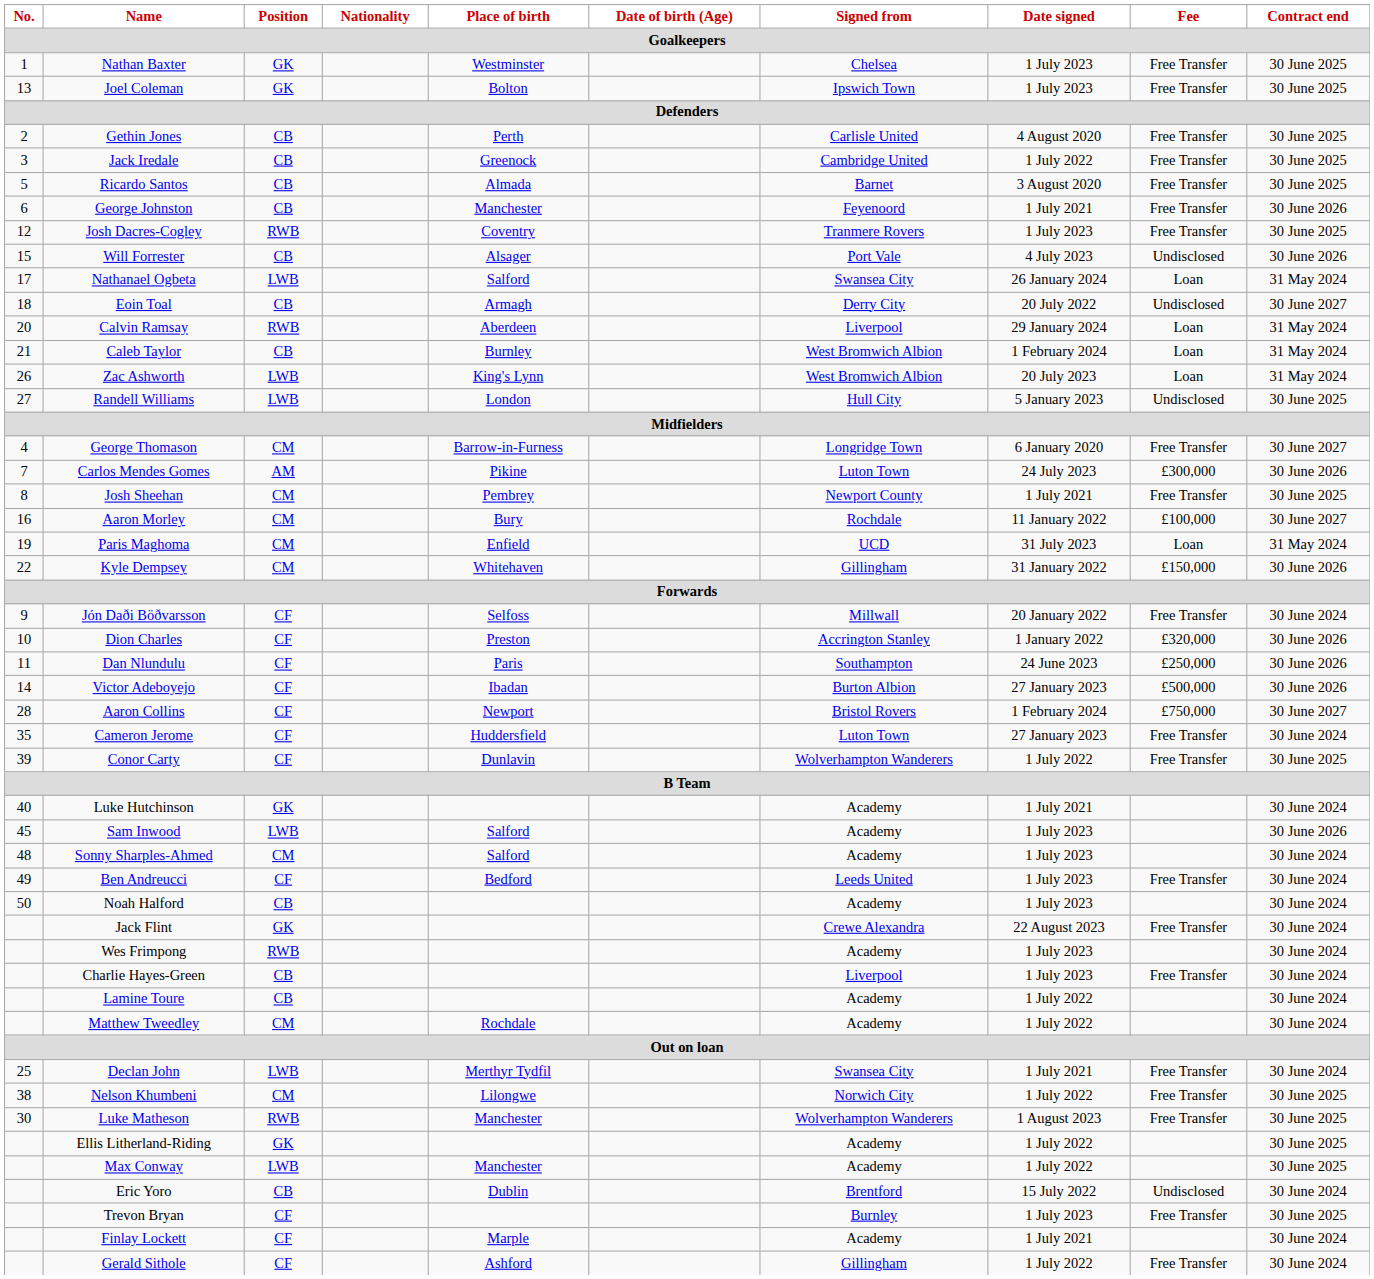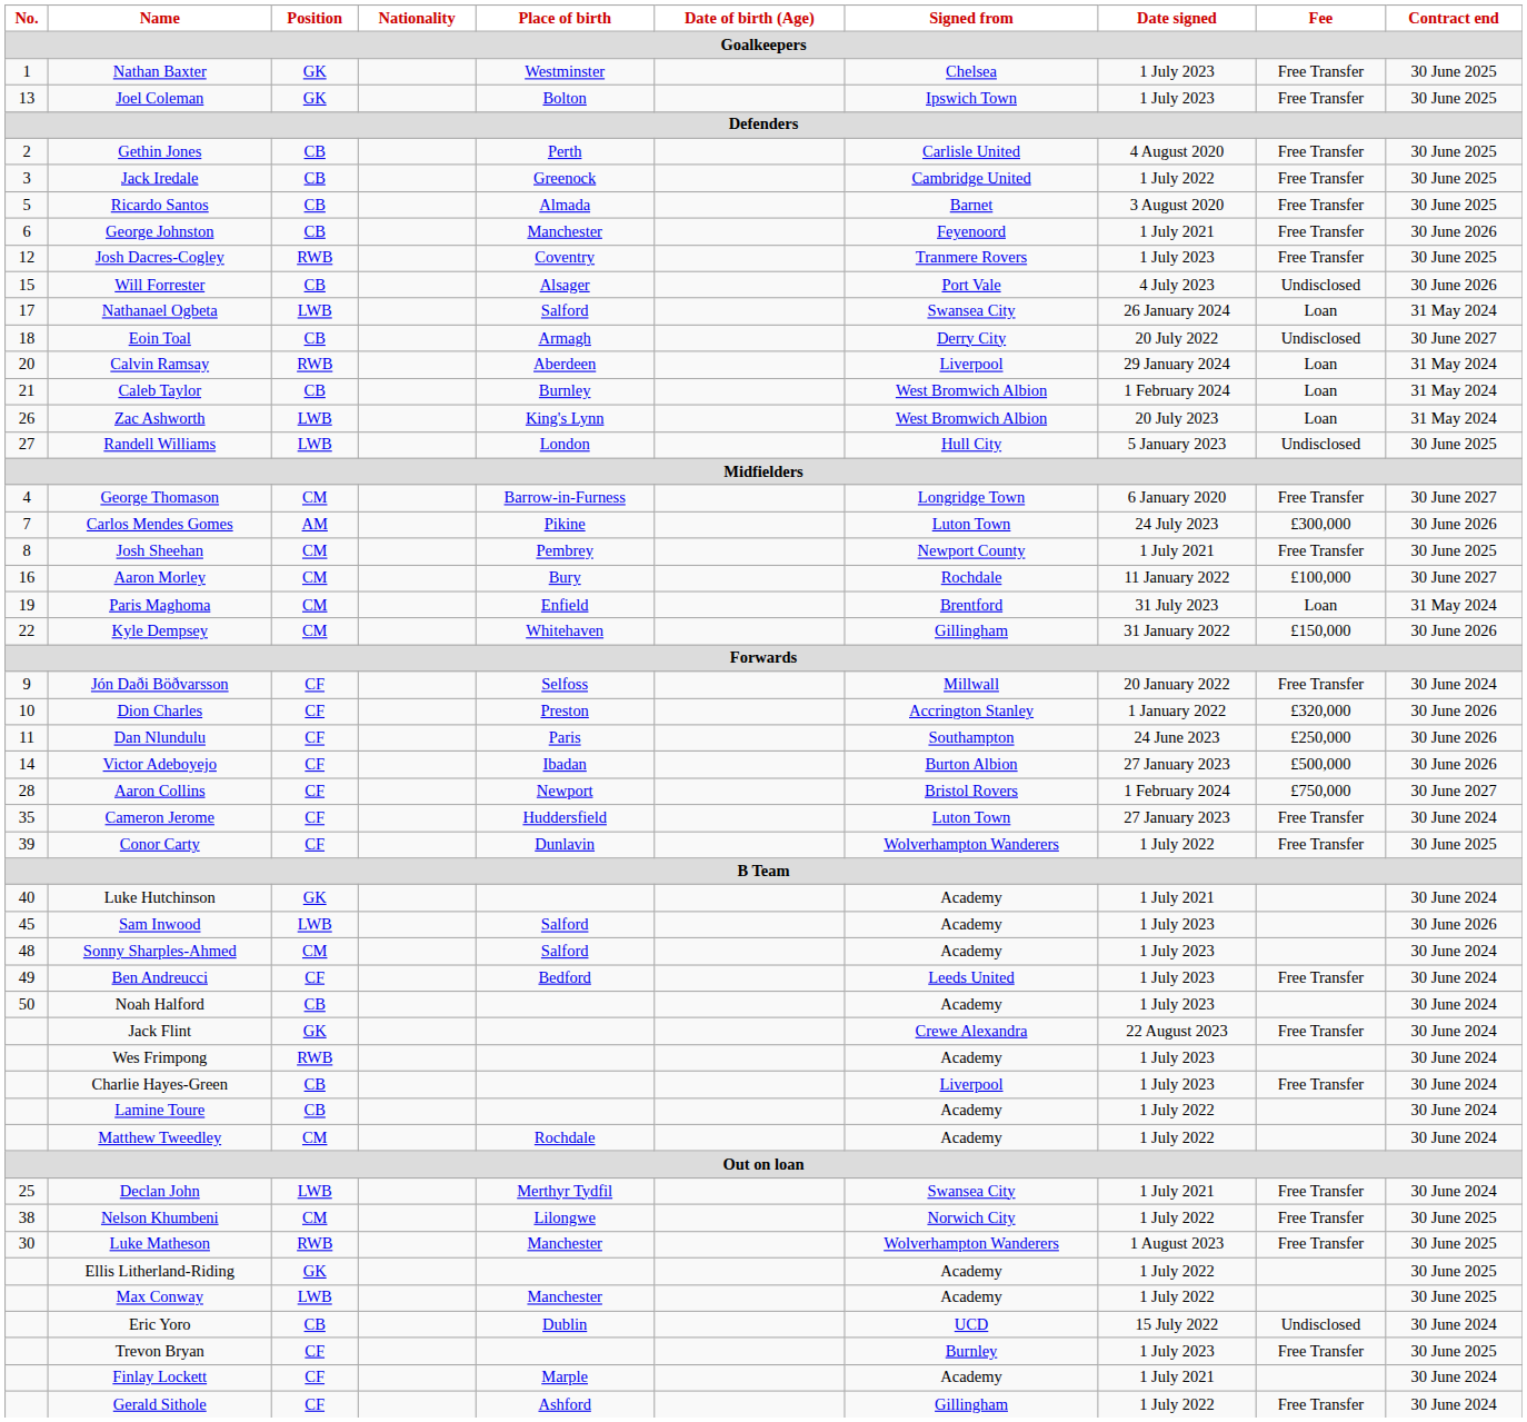 <table class="wikitable" style="text-align:center; font-size:84.5%; width:101%;">
 <tr>
 <th style="background:#ffffff;color:#cc0000;">No.</th>
 <th style="background:#ffffff;color:#cc0000;">Name</th>
 <th style="background:#ffffff;color:#cc0000;">Position</th>
 <th style="background:#ffffff;color:#cc0000;">Nationality</th>
 <th style="background:#ffffff;color:#cc0000;">Place of birth</th>
 <th style="background:#ffffff;color:#cc0000;">Date of birth (Age)</th>
 <th style="background:#ffffff;color:#cc0000;">Signed from</th>
 <th style="background:#ffffff;color:#cc0000;">Date signed</th>
 <th style="background:#ffffff;color:#cc0000;">Fee</th>
 <th style="background:#ffffff;color:#cc0000;">Contract end</th>
 </tr>
 <tr>
 <th colspan="14" style="background:#dcdcdc; tepxt-align:center;">Goalkeepers</th>
 </tr>
 <tr>
 <td>1</td>
 <td><a href='#'>Nathan Baxter</a></td>
 <td><a href='#'>GK</a></td>
 <td></td>
 <td><a href='#'>Westminster</a></td>
 <td></td>
 <td><a href='#'>Chelsea</a></td>
 <td>1 July 2023</td>
 <td>Free Transfer</td>
 <td>30 June 2025</td>
 </tr>
 <tr>
 <td>13</td>
 <td><a href='#'>Joel Coleman</a></td>
 <td><a href='#'>GK</a></td>
 <td></td>
 <td><a href='#'>Bolton</a></td>
 <td></td>
 <td><a href='#'>Ipswich Town</a></td>
 <td>1 July 2023</td>
 <td>Free Transfer</td>
 <td>30 June 2025</td>
 </tr>
 <tr>
 <th colspan="14" style="background:#dcdcdc; tepxt-align:center;">Defenders</th>
 </tr>
 <tr>
 <td>2</td>
 <td><a href='#'>Gethin Jones</a></td>
 <td><a href='#'>CB</a></td>
 <td></td>
 <td><a href='#'>Perth</a></td>
 <td></td>
 <td><a href='#'>Carlisle United</a></td>
 <td>4 August 2020</td>
 <td>Free Transfer</td>
 <td>30 June 2025</td>
 </tr>
 <tr>
 <td>3</td>
 <td><a href='#'>Jack Iredale</a></td>
 <td><a href='#'>CB</a></td>
 <td></td>
 <td> <a href='#'>Greenock</a></td>
 <td></td>
 <td><a href='#'>Cambridge United</a></td>
 <td>1 July 2022</td>
 <td>Free Transfer</td>
 <td>30 June 2025</td>
 </tr>
 <tr>
 <td>5</td>
 <td><a href='#'>Ricardo Santos</a></td>
 <td><a href='#'>CB</a></td>
 <td></td>
 <td><a href='#'>Almada</a></td>
 <td></td>
 <td><a href='#'>Barnet</a></td>
 <td>3 August 2020</td>
 <td>Free Transfer</td>
 <td>30 June 2025</td>
 </tr>
 <tr>
 <td>6</td>
 <td><a href='#'>George Johnston</a></td>
 <td><a href='#'>CB</a></td>
 <td></td>
 <td> <a href='#'>Manchester</a></td>
 <td></td>
 <td> <a href='#'>Feyenoord</a></td>
 <td>1 July 2021</td>
 <td>Free Transfer</td>
 <td>30 June 2026</td>
 </tr>
 <tr>
 <td>12</td>
 <td><a href='#'>Josh Dacres-Cogley</a></td>
 <td><a href='#'>RWB</a></td>
 <td></td>
 <td><a href='#'>Coventry</a></td>
 <td></td>
 <td><a href='#'>Tranmere Rovers</a></td>
 <td>1 July 2023</td>
 <td>Free Transfer</td>
 <td>30 June 2025</td>
 </tr>
 <tr>
 <td>15</td>
 <td><a href='#'>Will Forrester</a></td>
 <td><a href='#'>CB</a></td>
 <td></td>
 <td><a href='#'>Alsager</a></td>
 <td></td>
 <td><a href='#'>Port Vale</a></td>
 <td>4 July 2023</td>
 <td>Undisclosed</td>
 <td>30 June 2026</td>
 </tr>
 <tr>
 <td>17</td>
 <td><a href='#'>Nathanael Ogbeta</a></td>
 <td><a href='#'>LWB</a></td>
 <td></td>
 <td><a href='#'>Salford</a></td>
 <td></td>
 <td> <a href='#'>Swansea City</a></td>
 <td>26 January 2024</td>
 <td>Loan</td>
 <td>31 May 2024</td>
 </tr>
 <tr>
 <td>18</td>
 <td><a href='#'>Eoin Toal</a></td>
 <td><a href='#'>CB</a></td>
 <td></td>
 <td><a href='#'>Armagh</a></td>
 <td></td>
 <td> <a href='#'>Derry City</a></td>
 <td>20 July 2022</td>
 <td>Undisclosed</td>
 <td>30 June 2027</td>
 </tr>
 <tr>
 <td>20</td>
 <td><a href='#'>Calvin Ramsay</a></td>
 <td><a href='#'>RWB</a></td>
 <td></td>
 <td><a href='#'>Aberdeen</a></td>
 <td></td>
 <td><a href='#'>Liverpool</a></td>
 <td>29 January 2024</td>
 <td>Loan</td>
 <td>31 May 2024</td>
 </tr>
 <tr>
 <td>21</td>
 <td><a href='#'>Caleb Taylor</a></td>
 <td><a href='#'>CB</a></td>
 <td></td>
 <td><a href='#'>Burnley</a></td>
 <td></td>
 <td><a href='#'>West Bromwich Albion</a></td>
 <td>1 February 2024</td>
 <td>Loan</td>
 <td>31 May 2024</td>
 </tr>
 <tr>
 <td>26</td>
 <td><a href='#'>Zac Ashworth</a></td>
 <td><a href='#'>LWB</a></td>
 <td></td>
 <td> <a href='#'>King's Lynn</a></td>
 <td></td>
 <td><a href='#'>West Bromwich Albion</a></td>
 <td>20 July 2023</td>
 <td>Loan</td>
 <td>31 May 2024</td>
 </tr>
 <tr>
 <td>27</td>
 <td><a href='#'>Randell Williams</a></td>
 <td><a href='#'>LWB</a></td>
 <td></td>
 <td><a href='#'>London</a></td>
 <td></td>
 <td><a href='#'>Hull City</a></td>
 <td>5 January 2023</td>
 <td>Undisclosed</td>
 <td>30 June 2025</td>
 </tr>
 <tr>
 <th colspan="14" style="background:#dcdcdc; tepxt-align:center;">Midfielders</th>
 </tr>
 <tr>
 <td>4</td>
 <td><a href='#'>George Thomason</a></td>
 <td><a href='#'>CM</a></td>
 <td></td>
 <td><a href='#'>Barrow-in-Furness</a></td>
 <td></td>
 <td><a href='#'>Longridge Town</a></td>
 <td>6 January 2020</td>
 <td>Free Transfer</td>
 <td>30 June 2027</td>
 </tr>
 <tr>
 <td>7</td>
 <td><a href='#'>Carlos Mendes Gomes</a></td>
 <td><a href='#'>AM</a></td>
 <td></td>
 <td> <a href='#'>Pikine</a></td>
 <td></td>
 <td><a href='#'>Luton Town</a></td>
 <td>24 July 2023</td>
 <td>£300,000</td>
 <td>30 June 2026</td>
 </tr>
 <tr>
 <td>8</td>
 <td><a href='#'>Josh Sheehan</a></td>
 <td><a href='#'>CM</a></td>
 <td></td>
 <td><a href='#'>Pembrey</a></td>
 <td></td>
 <td> <a href='#'>Newport County</a></td>
 <td>1 July 2021</td>
 <td>Free Transfer</td>
 <td>30 June 2025</td>
 </tr>
 <tr>
 <td>16</td>
 <td><a href='#'>Aaron Morley</a></td>
 <td><a href='#'>CM</a></td>
 <td></td>
 <td><a href='#'>Bury</a></td>
 <td></td>
 <td><a href='#'>Rochdale</a></td>
 <td>11 January 2022</td>
 <td>£100,000</td>
 <td>30 June 2027</td>
 </tr>
 <tr>
 <td>19</td>
 <td><a href='#'>Paris Maghoma</a></td>
 <td><a href='#'>CM</a></td>
 <td></td>
 <td><a href='#'>Enfield</a></td>
 <td></td>
-<td> <a href='#'>UCD</a></td>
+<td><a href='#'>Brentford</a></td>
 <td>31 July 2023</td>
 <td>Loan</td>
 <td>31 May 2024</td>
 </tr>
 <tr>
 <td>22</td>
 <td><a href='#'>Kyle Dempsey</a></td>
 <td><a href='#'>CM</a></td>
 <td></td>
 <td><a href='#'>Whitehaven</a></td>
 <td></td>
 <td><a href='#'>Gillingham</a></td>
 <td>31 January 2022</td>
 <td>£150,000</td>
 <td>30 June 2026</td>
 </tr>
 <tr>
 <th colspan="14" style="background:#dcdcdc; tepxt-align:center;">Forwards</th>
 </tr>
 <tr>
 <td>9</td>
 <td><a href='#'>Jón Daði Böðvarsson</a></td>
 <td><a href='#'>CF</a></td>
 <td></td>
 <td><a href='#'>Selfoss</a></td>
 <td></td>
 <td><a href='#'>Millwall</a></td>
 <td>20 January 2022</td>
 <td>Free Transfer</td>
 <td>30 June 2024</td>
 </tr>
 <tr>
 <td>10</td>
 <td><a href='#'>Dion Charles</a></td>
 <td><a href='#'>CF</a></td>
 <td></td>
 <td> <a href='#'>Preston</a></td>
 <td></td>
 <td><a href='#'>Accrington Stanley</a></td>
 <td>1 January 2022</td>
 <td>£320,000</td>
 <td>30 June 2026</td>
 </tr>
 <tr>
 <td>11</td>
 <td><a href='#'>Dan Nlundulu</a></td>
 <td><a href='#'>CF</a></td>
 <td></td>
 <td> <a href='#'>Paris</a></td>
 <td></td>
 <td><a href='#'>Southampton</a></td>
 <td>24 June 2023</td>
 <td>£250,000</td>
 <td>30 June 2026</td>
 </tr>
 <tr>
 <td>14</td>
 <td><a href='#'>Victor Adeboyejo</a></td>
 <td><a href='#'>CF</a></td>
 <td></td>
 <td><a href='#'>Ibadan</a></td>
 <td></td>
 <td><a href='#'>Burton Albion</a></td>
 <td>27 January 2023</td>
 <td>£500,000</td>
 <td>30 June 2026</td>
 </tr>
 <tr>
 <td>28</td>
 <td><a href='#'>Aaron Collins</a></td>
 <td><a href='#'>CF</a></td>
 <td></td>
 <td><a href='#'>Newport</a></td>
 <td></td>
 <td><a href='#'>Bristol Rovers</a></td>
 <td>1 February 2024</td>
 <td>£750,000</td>
 <td>30 June 2027</td>
 </tr>
 <tr>
 <td>35</td>
 <td><a href='#'>Cameron Jerome</a></td>
 <td><a href='#'>CF</a></td>
 <td></td>
 <td><a href='#'>Huddersfield</a></td>
 <td></td>
 <td><a href='#'>Luton Town</a></td>
 <td>27 January 2023</td>
 <td>Free Transfer</td>
 <td>30 June 2024</td>
 </tr>
 <tr>
 <td>39</td>
 <td><a href='#'>Conor Carty</a></td>
 <td><a href='#'>CF</a></td>
 <td></td>
 <td><a href='#'>Dunlavin</a></td>
 <td></td>
 <td><a href='#'>Wolverhampton Wanderers</a></td>
 <td>1 July 2022</td>
 <td>Free Transfer</td>
 <td>30 June 2025</td>
 </tr>
 <tr>
 <th colspan="11" style="background:#dcdcdc; text-align:center;">B Team</th>
 </tr>
 <tr>
 <td>40</td>
 <td>Luke Hutchinson</td>
 <td><a href='#'>GK</a></td>
 <td></td>
 <td></td>
 <td></td>
 <td>Academy</td>
 <td>1 July 2021</td>
 <td></td>
 <td>30 June 2024</td>
 </tr>
 <tr>
 <td>45</td>
 <td><a href='#'>Sam Inwood</a></td>
 <td><a href='#'>LWB</a></td>
 <td></td>
 <td> <a href='#'>Salford</a></td>
 <td></td>
 <td>Academy</td>
 <td>1 July 2023</td>
 <td></td>
 <td>30 June 2026</td>
 </tr>
 <tr>
 <td>48</td>
 <td><a href='#'>Sonny Sharples-Ahmed</a></td>
 <td><a href='#'>CM</a></td>
 <td></td>
 <td> <a href='#'>Salford</a></td>
 <td></td>
 <td>Academy</td>
 <td>1 July 2023</td>
 <td></td>
 <td>30 June 2024</td>
 </tr>
 <tr>
 <td>49</td>
 <td><a href='#'>Ben Andreucci</a></td>
 <td><a href='#'>CF</a></td>
 <td></td>
 <td> <a href='#'>Bedford</a></td>
 <td></td>
 <td><a href='#'>Leeds United</a></td>
 <td>1 July 2023</td>
 <td>Free Transfer</td>
 <td>30 June 2024</td>
 </tr>
 <tr>
 <td>50</td>
 <td>Noah Halford</td>
 <td><a href='#'>CB</a></td>
 <td></td>
 <td></td>
 <td></td>
 <td>Academy</td>
 <td>1 July 2023</td>
 <td></td>
 <td>30 June 2024</td>
 </tr>
 <tr>
 <td></td>
 <td>Jack Flint</td>
 <td><a href='#'>GK</a></td>
 <td></td>
 <td></td>
 <td></td>
 <td><a href='#'>Crewe Alexandra</a></td>
 <td>22 August 2023</td>
 <td>Free Transfer</td>
 <td>30 June 2024</td>
 </tr>
 <tr>
 <td></td>
 <td>Wes Frimpong</td>
 <td><a href='#'>RWB</a></td>
 <td></td>
 <td></td>
 <td></td>
 <td>Academy</td>
 <td>1 July 2023</td>
 <td></td>
 <td>30 June 2024</td>
 </tr>
 <tr>
 <td></td>
 <td>Charlie Hayes-Green</td>
 <td><a href='#'>CB</a></td>
 <td></td>
 <td></td>
 <td></td>
 <td><a href='#'>Liverpool</a></td>
 <td>1 July 2023</td>
 <td>Free Transfer</td>
 <td>30 June 2024</td>
 </tr>
 <tr>
 <td></td>
 <td><a href='#'>Lamine Toure</a></td>
 <td><a href='#'>CB</a></td>
 <td></td>
 <td></td>
 <td></td>
 <td>Academy</td>
 <td>1 July 2022</td>
 <td></td>
 <td>30 June 2024</td>
 </tr>
 <tr>
 <td></td>
 <td><a href='#'>Matthew Tweedley</a></td>
 <td><a href='#'>CM</a></td>
 <td></td>
 <td><a href='#'>Rochdale</a></td>
 <td></td>
 <td>Academy</td>
 <td>1 July 2022</td>
 <td></td>
 <td>30 June 2024</td>
 </tr>
 <tr>
 <th colspan="11" style="background:#dcdcdc; text-align:center;">Out on loan</th>
 </tr>
 <tr>
 <td>25</td>
 <td><a href='#'>Declan John</a></td>
 <td><a href='#'>LWB</a></td>
 <td></td>
 <td><a href='#'>Merthyr Tydfil</a></td>
 <td></td>
 <td> <a href='#'>Swansea City</a></td>
 <td>1 July 2021</td>
 <td>Free Transfer</td>
 <td>30 June 2024</td>
 </tr>
 <tr>
 <td>38</td>
 <td><a href='#'>Nelson Khumbeni</a></td>
 <td><a href='#'>CM</a></td>
 <td></td>
 <td><a href='#'>Lilongwe</a></td>
 <td></td>
 <td><a href='#'>Norwich City</a></td>
 <td>1 July 2022</td>
 <td>Free Transfer</td>
 <td>30 June 2025</td>
 </tr>
 <tr>
 <td>30</td>
 <td><a href='#'>Luke Matheson</a></td>
 <td><a href='#'>RWB</a></td>
 <td></td>
 <td><a href='#'>Manchester</a></td>
 <td></td>
 <td><a href='#'>Wolverhampton Wanderers</a></td>
 <td>1 August 2023</td>
 <td>Free Transfer</td>
 <td>30 June 2025</td>
 </tr>
 <tr>
 <td></td>
 <td>Ellis Litherland-Riding</td>
 <td><a href='#'>GK</a></td>
 <td></td>
 <td></td>
 <td></td>
 <td>Academy</td>
 <td>1 July 2022</td>
 <td></td>
 <td>30 June 2025</td>
 </tr>
 <tr>
 <td></td>
 <td><a href='#'>Max Conway</a></td>
 <td><a href='#'>LWB</a></td>
 <td></td>
 <td><a href='#'>Manchester</a></td>
 <td></td>
 <td>Academy</td>
 <td>1 July 2022</td>
 <td></td>
 <td>30 June 2025</td>
 </tr>
 <tr>
 <td></td>
 <td>Eric Yoro</td>
 <td><a href='#'>CB</a></td>
 <td></td>
 <td><a href='#'>Dublin</a></td>
 <td></td>
-<td><a href='#'>Brentford</a></td>
+<td> <a href='#'>UCD</a></td>
 <td>15 July 2022</td>
 <td>Undisclosed</td>
 <td>30 June 2024</td>
 </tr>
 <tr>
 <td></td>
 <td>Trevon Bryan</td>
 <td><a href='#'>CF</a></td>
 <td></td>
 <td></td>
 <td></td>
 <td><a href='#'>Burnley</a></td>
 <td>1 July 2023</td>
 <td>Free Transfer</td>
 <td>30 June 2025</td>
 </tr>
 <tr>
 <td></td>
 <td><a href='#'>Finlay Lockett</a></td>
 <td><a href='#'>CF</a></td>
 <td></td>
 <td><a href='#'>Marple</a></td>
 <td></td>
 <td>Academy</td>
 <td>1 July 2021</td>
 <td></td>
 <td>30 June 2024</td>
 </tr>
 <tr>
 <td></td>
 <td><a href='#'>Gerald Sithole</a></td>
 <td><a href='#'>CF</a></td>
 <td></td>
 <td><a href='#'>Ashford</a></td>
 <td></td>
 <td><a href='#'>Gillingham</a></td>
 <td>1 July 2022</td>
 <td>Free Transfer</td>
 <td>30 June 2024</td>
 </tr>
 </table>
